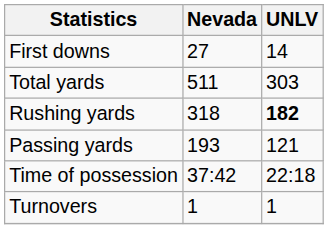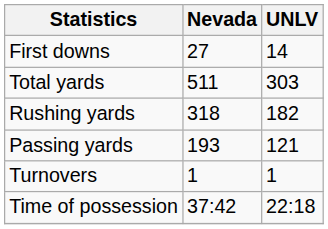 <table class="wikitable">
 <tr>
 <th>Statistics</th>
 <th>Nevada</th>
 <th>UNLV</th>
 </tr>
 <tr>
 <td>First downs</td>
 <td>27</td>
 <td>14</td>
 </tr>
 <tr>
 <td>Total yards</td>
 <td>511</td>
 <td>303</td>
 </tr>
 <tr>
 <td>Rushing yards</td>
 <td>318</td>
-<td><strong>182</strong></td>
+<td>182</td>
 </tr>
 <tr>
 <td>Passing yards</td>
 <td>193</td>
 <td>121</td>
 </tr>
 <tr>
+<td>Turnovers</td>
+<td>1</td>
+<td>1</td>
+</tr>
+<tr>
 <td>Time of possession</td>
 <td>37:42</td>
 <td>22:18</td>
 </tr>
 <tr>
-<td>Turnovers</td>
-<td>1</td>
-<td>1</td>
-</tr>
-<tr>
 </tr>
 </table>
